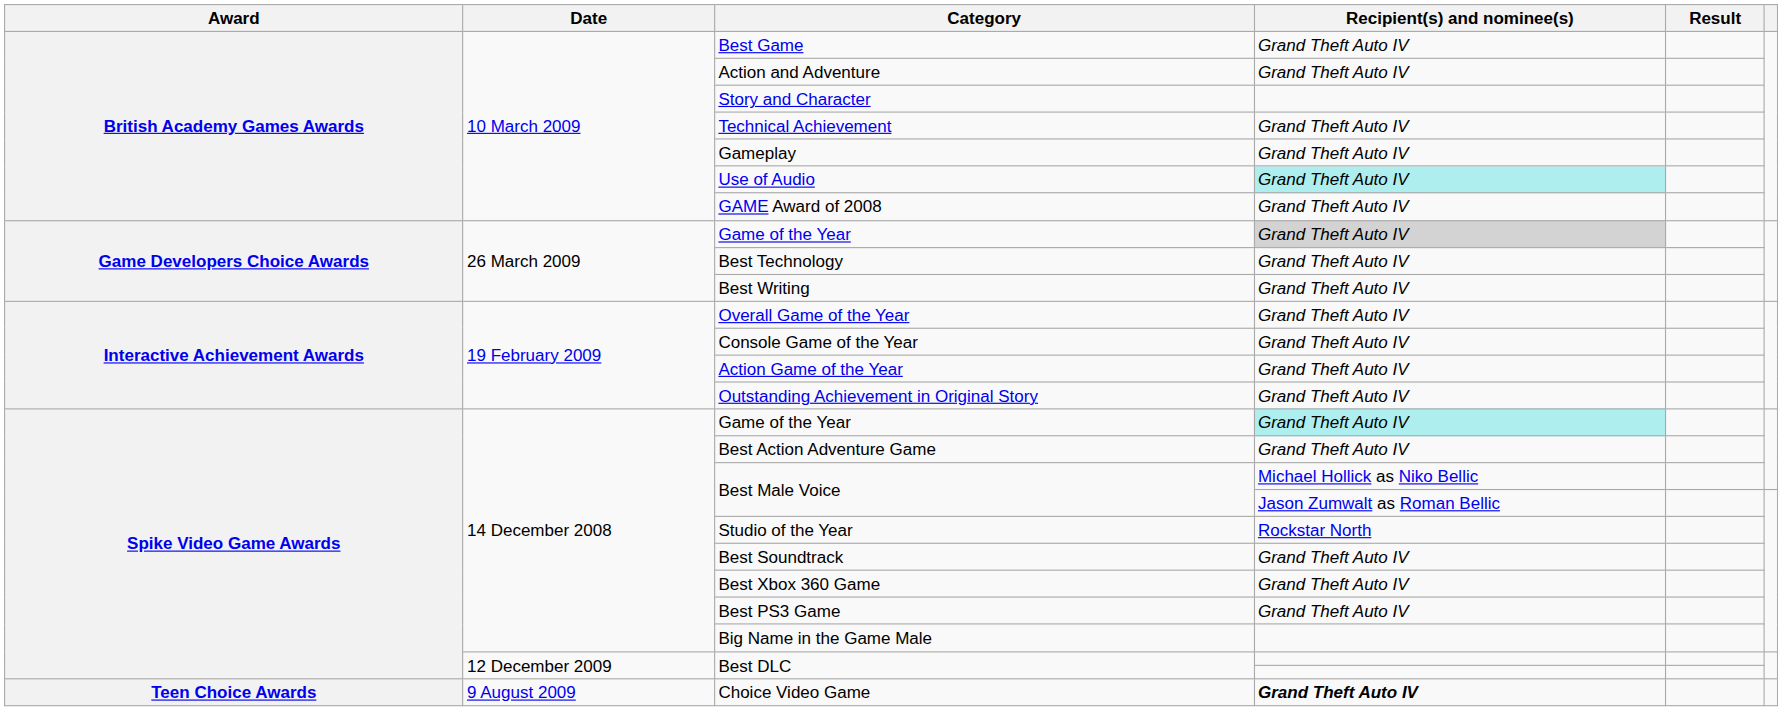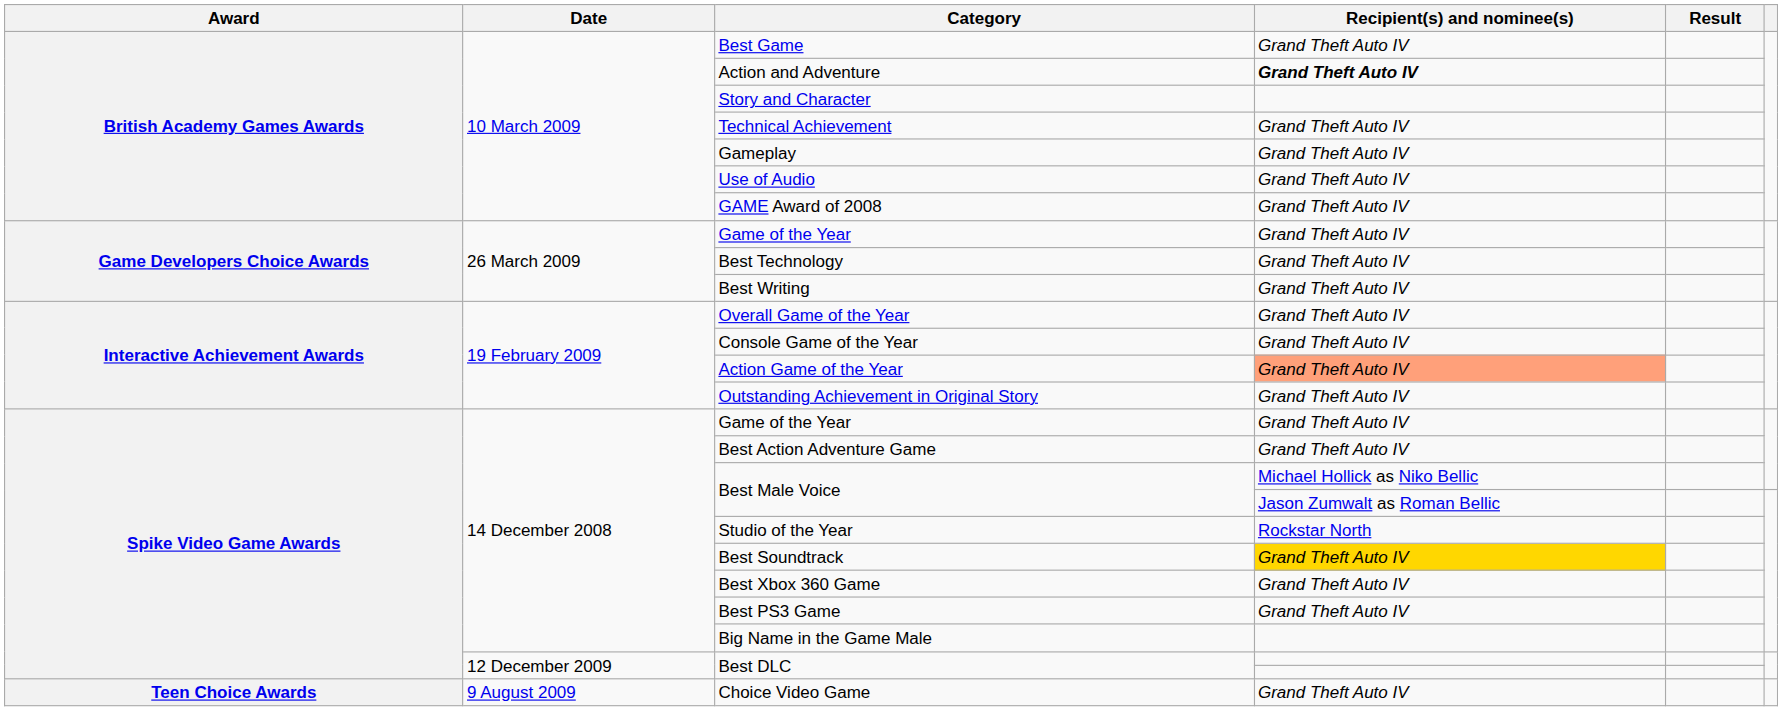 <table class="wikitable plainrowheaders sortable" style="font-size: 95%; width: 100%;">
 <tr>
 <th scope="col">Award</th>
 <th scope="col">Date</th>
 <th scope="col">Category</th>
 <th scope="col">Recipient(s) and nominee(s)</th>
 <th scope="col">Result</th>
 <th scope="col" class="unsortable"></th>
 </tr>
 <tr>
 <th scope="row" rowspan="7"><a href='#'>British Academy Games Awards</a></th>
 <td rowspan="7"><a href='#'>10 March 2009</a></td>
 <td><a href='#'>Best Game</a></td>
 <td><em>Grand Theft Auto IV</em></td>
 <td></td>
 <td style="text-align:center;" rowspan="7"></td>
 </tr>
 <tr>
 <td>Action and Adventure</td>
-<td><em>Grand Theft Auto IV</em></td>
+<td><strong><em>Grand Theft Auto IV</em></strong></td>
 <td></td>
 </tr>
 <tr>
 <td><a href='#'>Story and Character</a></td>
 <td></td>
 <td></td>
 </tr>
 <tr>
 <td><a href='#'>Technical Achievement</a></td>
 <td><em>Grand Theft Auto IV</em></td>
 <td></td>
 </tr>
 <tr>
 <td>Gameplay</td>
 <td><em>Grand Theft Auto IV</em></td>
 <td></td>
 </tr>
 <tr>
 <td><a href='#'>Use of Audio</a></td>
-<td style="background: paleturquoise;"><em>Grand Theft Auto IV</em></td>
+<td><em>Grand Theft Auto IV</em></td>
 <td></td>
 </tr>
 <tr>
 <td><a href='#'>GAME</a> Award of 2008</td>
 <td><em>Grand Theft Auto IV</em></td>
 <td></td>
 </tr>
 <tr>
 <th scope="row" rowspan="3"><a href='#'>Game Developers Choice Awards</a></th>
 <td rowspan="3">26 March 2009</td>
 <td><a href='#'>Game of the Year</a></td>
-<td style="background: lightgrey;"><em>Grand Theft Auto IV</em></td>
+<td><em>Grand Theft Auto IV</em></td>
 <td></td>
 <td style="text-align:center;" rowspan="3"></td>
 </tr>
 <tr>
 <td>Best Technology</td>
 <td><em>Grand Theft Auto IV</em></td>
 <td></td>
 </tr>
 <tr>
 <td>Best Writing</td>
 <td><em>Grand Theft Auto IV</em></td>
 <td></td>
 </tr>
 <tr>
 <th scope="row" rowspan="4"><a href='#'>Interactive Achievement Awards</a></th>
 <td rowspan="4"><a href='#'>19 February 2009</a></td>
 <td><a href='#'>Overall Game of the Year</a></td>
 <td><em>Grand Theft Auto IV</em></td>
 <td></td>
 <td style="text-align:center;" rowspan="4"></td>
 </tr>
 <tr>
 <td>Console Game of the Year</td>
 <td><em>Grand Theft Auto IV</em></td>
 <td></td>
 </tr>
 <tr>
 <td><a href='#'>Action Game of the Year</a></td>
-<td><em>Grand Theft Auto IV</em></td>
+<td style="background: lightsalmon;"><em>Grand Theft Auto IV</em></td>
 <td></td>
 </tr>
 <tr>
 <td><a href='#'>Outstanding Achievement in Original Story</a></td>
 <td><em>Grand Theft Auto IV</em></td>
 <td></td>
 </tr>
 <tr>
 <th scope="row" rowspan="11"><a href='#'>Spike Video Game Awards</a></th>
 <td rowspan="9">14 December 2008</td>
 <td>Game of the Year</td>
-<td style="background: paleturquoise;"><em>Grand Theft Auto IV</em></td>
+<td><em>Grand Theft Auto IV</em></td>
 <td></td>
 <td style="text-align:center;" rowspan="3"></td>
 </tr>
 <tr>
 <td>Best Action Adventure Game</td>
 <td><em>Grand Theft Auto IV</em></td>
 <td></td>
 </tr>
 <tr>
 <td rowspan="2">Best Male Voice</td>
 <td><a href='#'>Michael Hollick</a> as <a href='#'>Niko Bellic</a></td>
 <td></td>
 </tr>
 <tr>
 <td><a href='#'>Jason Zumwalt</a> as <a href='#'>Roman Bellic</a></td>
 <td></td>
 <td style="text-align:center;" rowspan="6"></td>
 </tr>
 <tr>
 <td>Studio of the Year</td>
 <td><a href='#'>Rockstar North</a></td>
 <td></td>
 </tr>
 <tr>
 <td>Best Soundtrack</td>
-<td><em>Grand Theft Auto IV</em></td>
+<td style="background: gold;"><em>Grand Theft Auto IV</em></td>
 <td></td>
 </tr>
 <tr>
 <td>Best Xbox 360 Game</td>
 <td><em>Grand Theft Auto IV</em></td>
 <td></td>
 </tr>
 <tr>
 <td>Best PS3 Game</td>
 <td><em>Grand Theft Auto IV</em></td>
 <td></td>
 </tr>
 <tr>
 <td>Big Name in the Game Male</td>
 <td></td>
 <td></td>
 </tr>
 <tr>
 <td rowspan="2">12 December 2009</td>
 <td rowspan="2">Best DLC</td>
 <td></td>
 <td></td>
 <td style="text-align:center;" rowspan="2"></td>
 </tr>
 <tr>
 <td></td>
 <td></td>
 </tr>
 <tr>
 <th scope="row"><a href='#'>Teen Choice Awards</a></th>
 <td><a href='#'>9 August 2009</a></td>
 <td>Choice Video Game</td>
-<td><strong><em>Grand Theft Auto IV</em></strong></td>
+<td><em>Grand Theft Auto IV</em></td>
 <td></td>
 <td style="text-align:center;"></td>
 </tr>
 </table>
